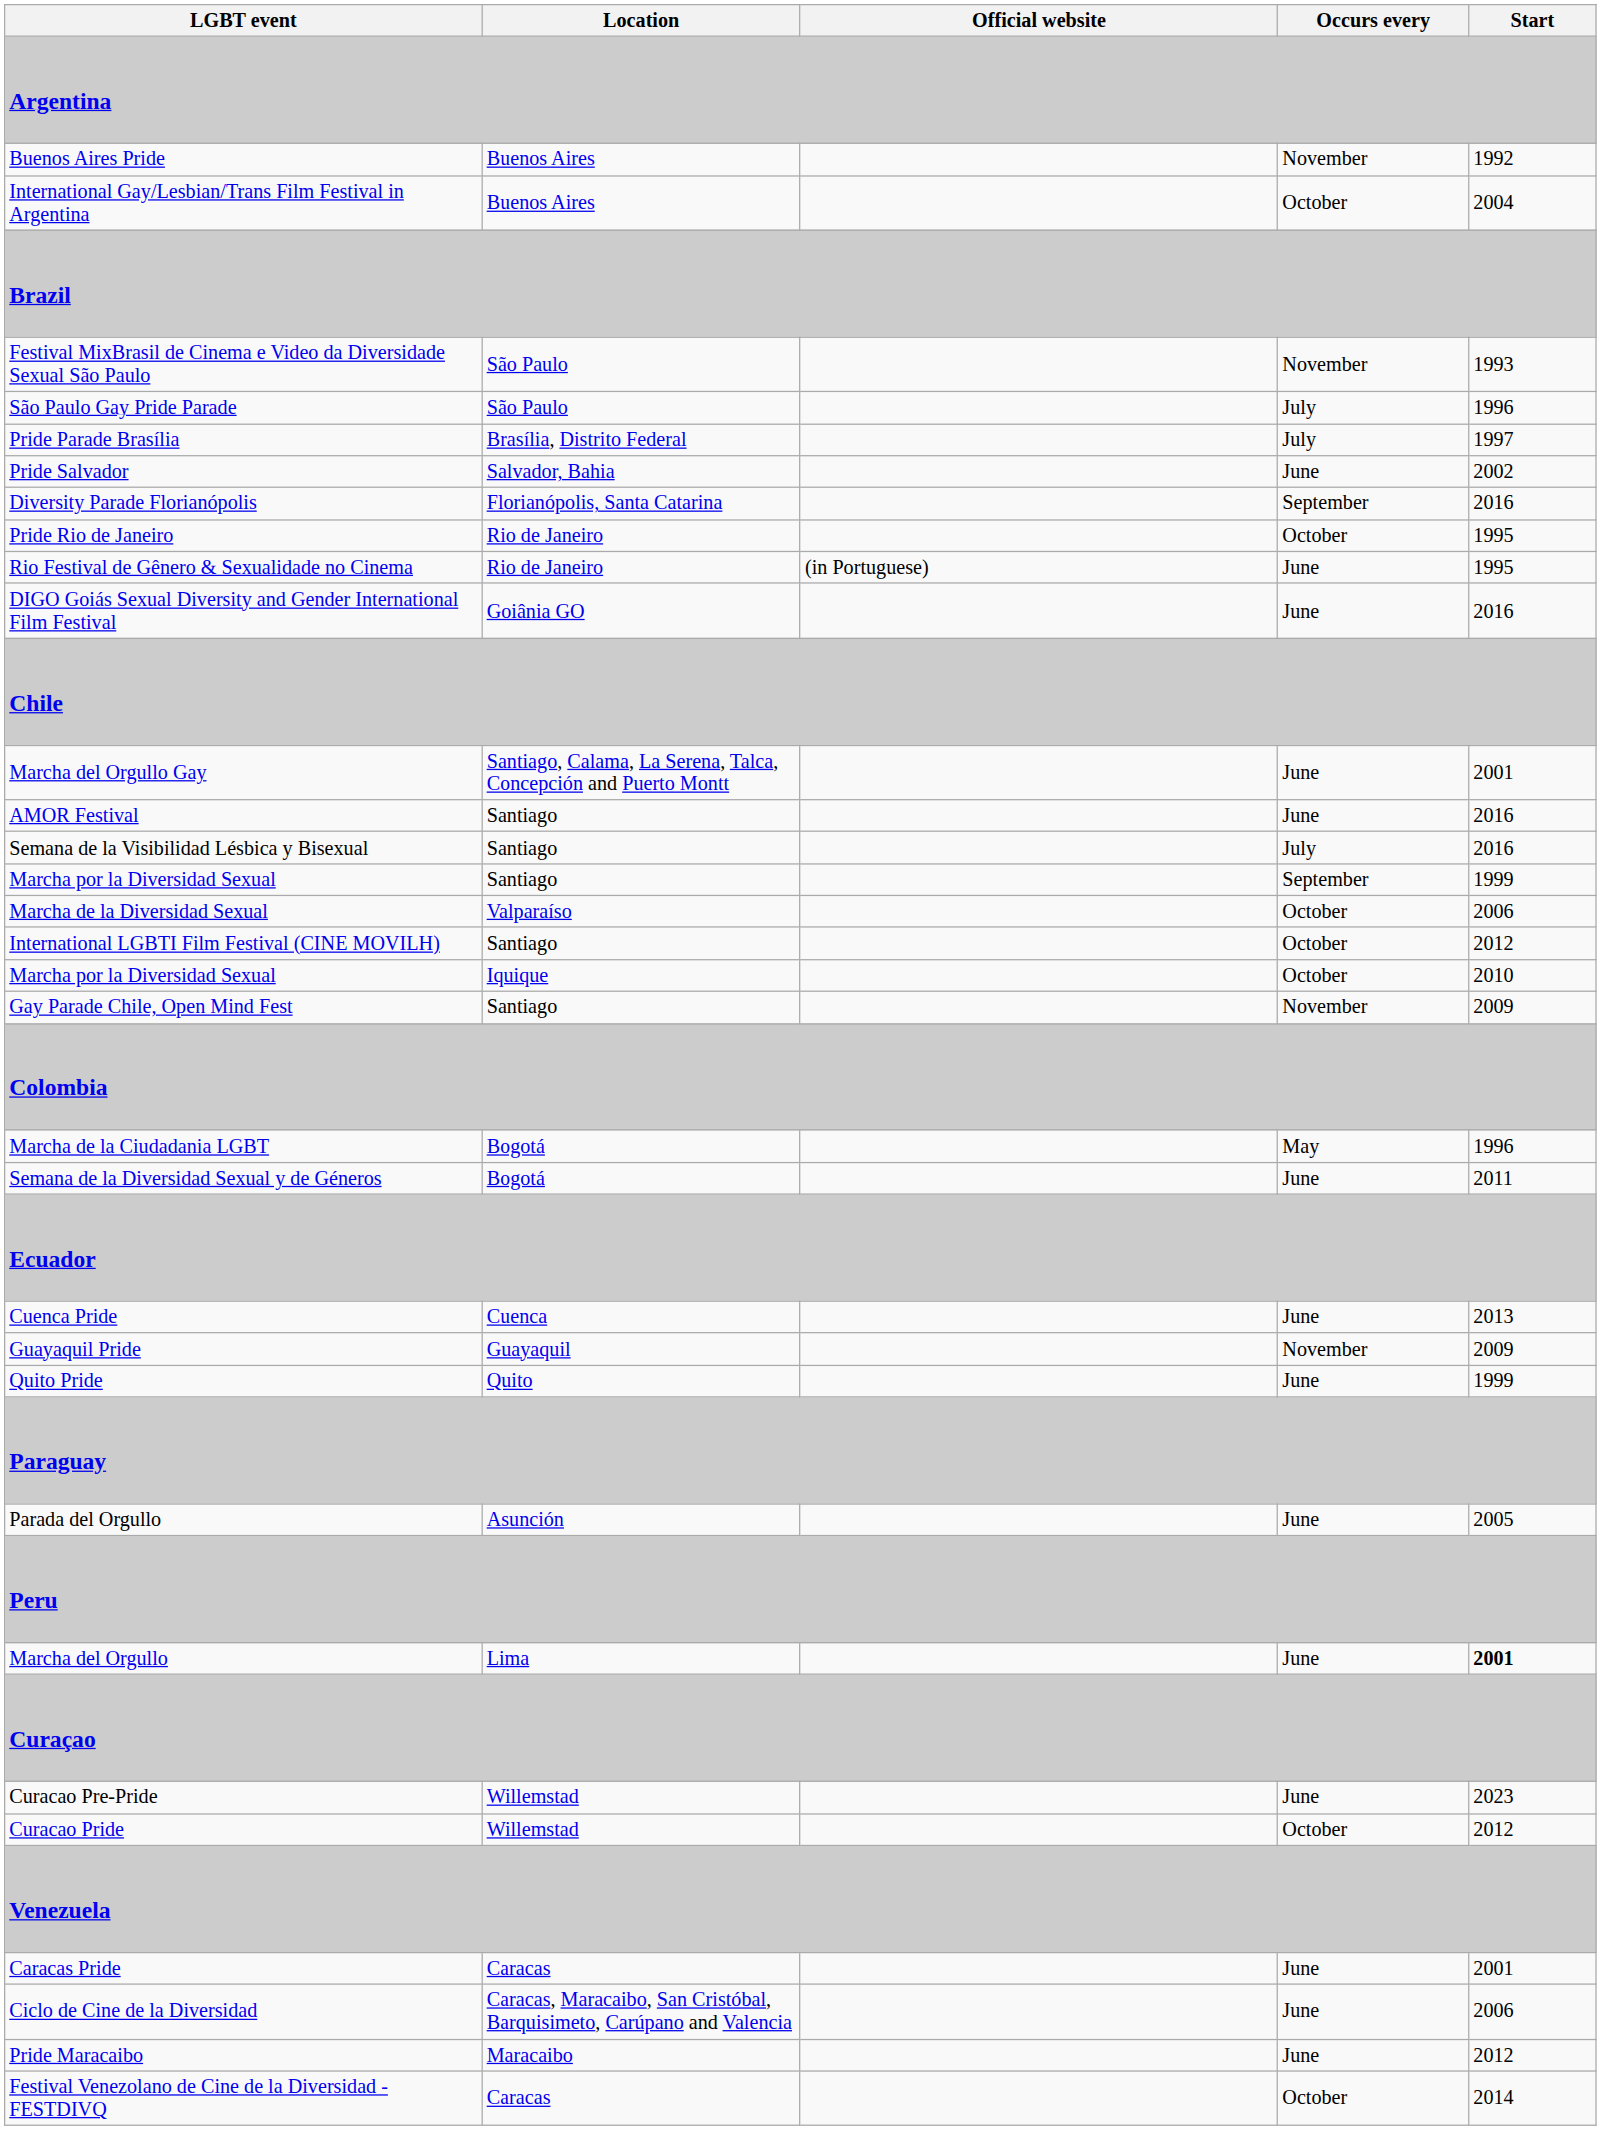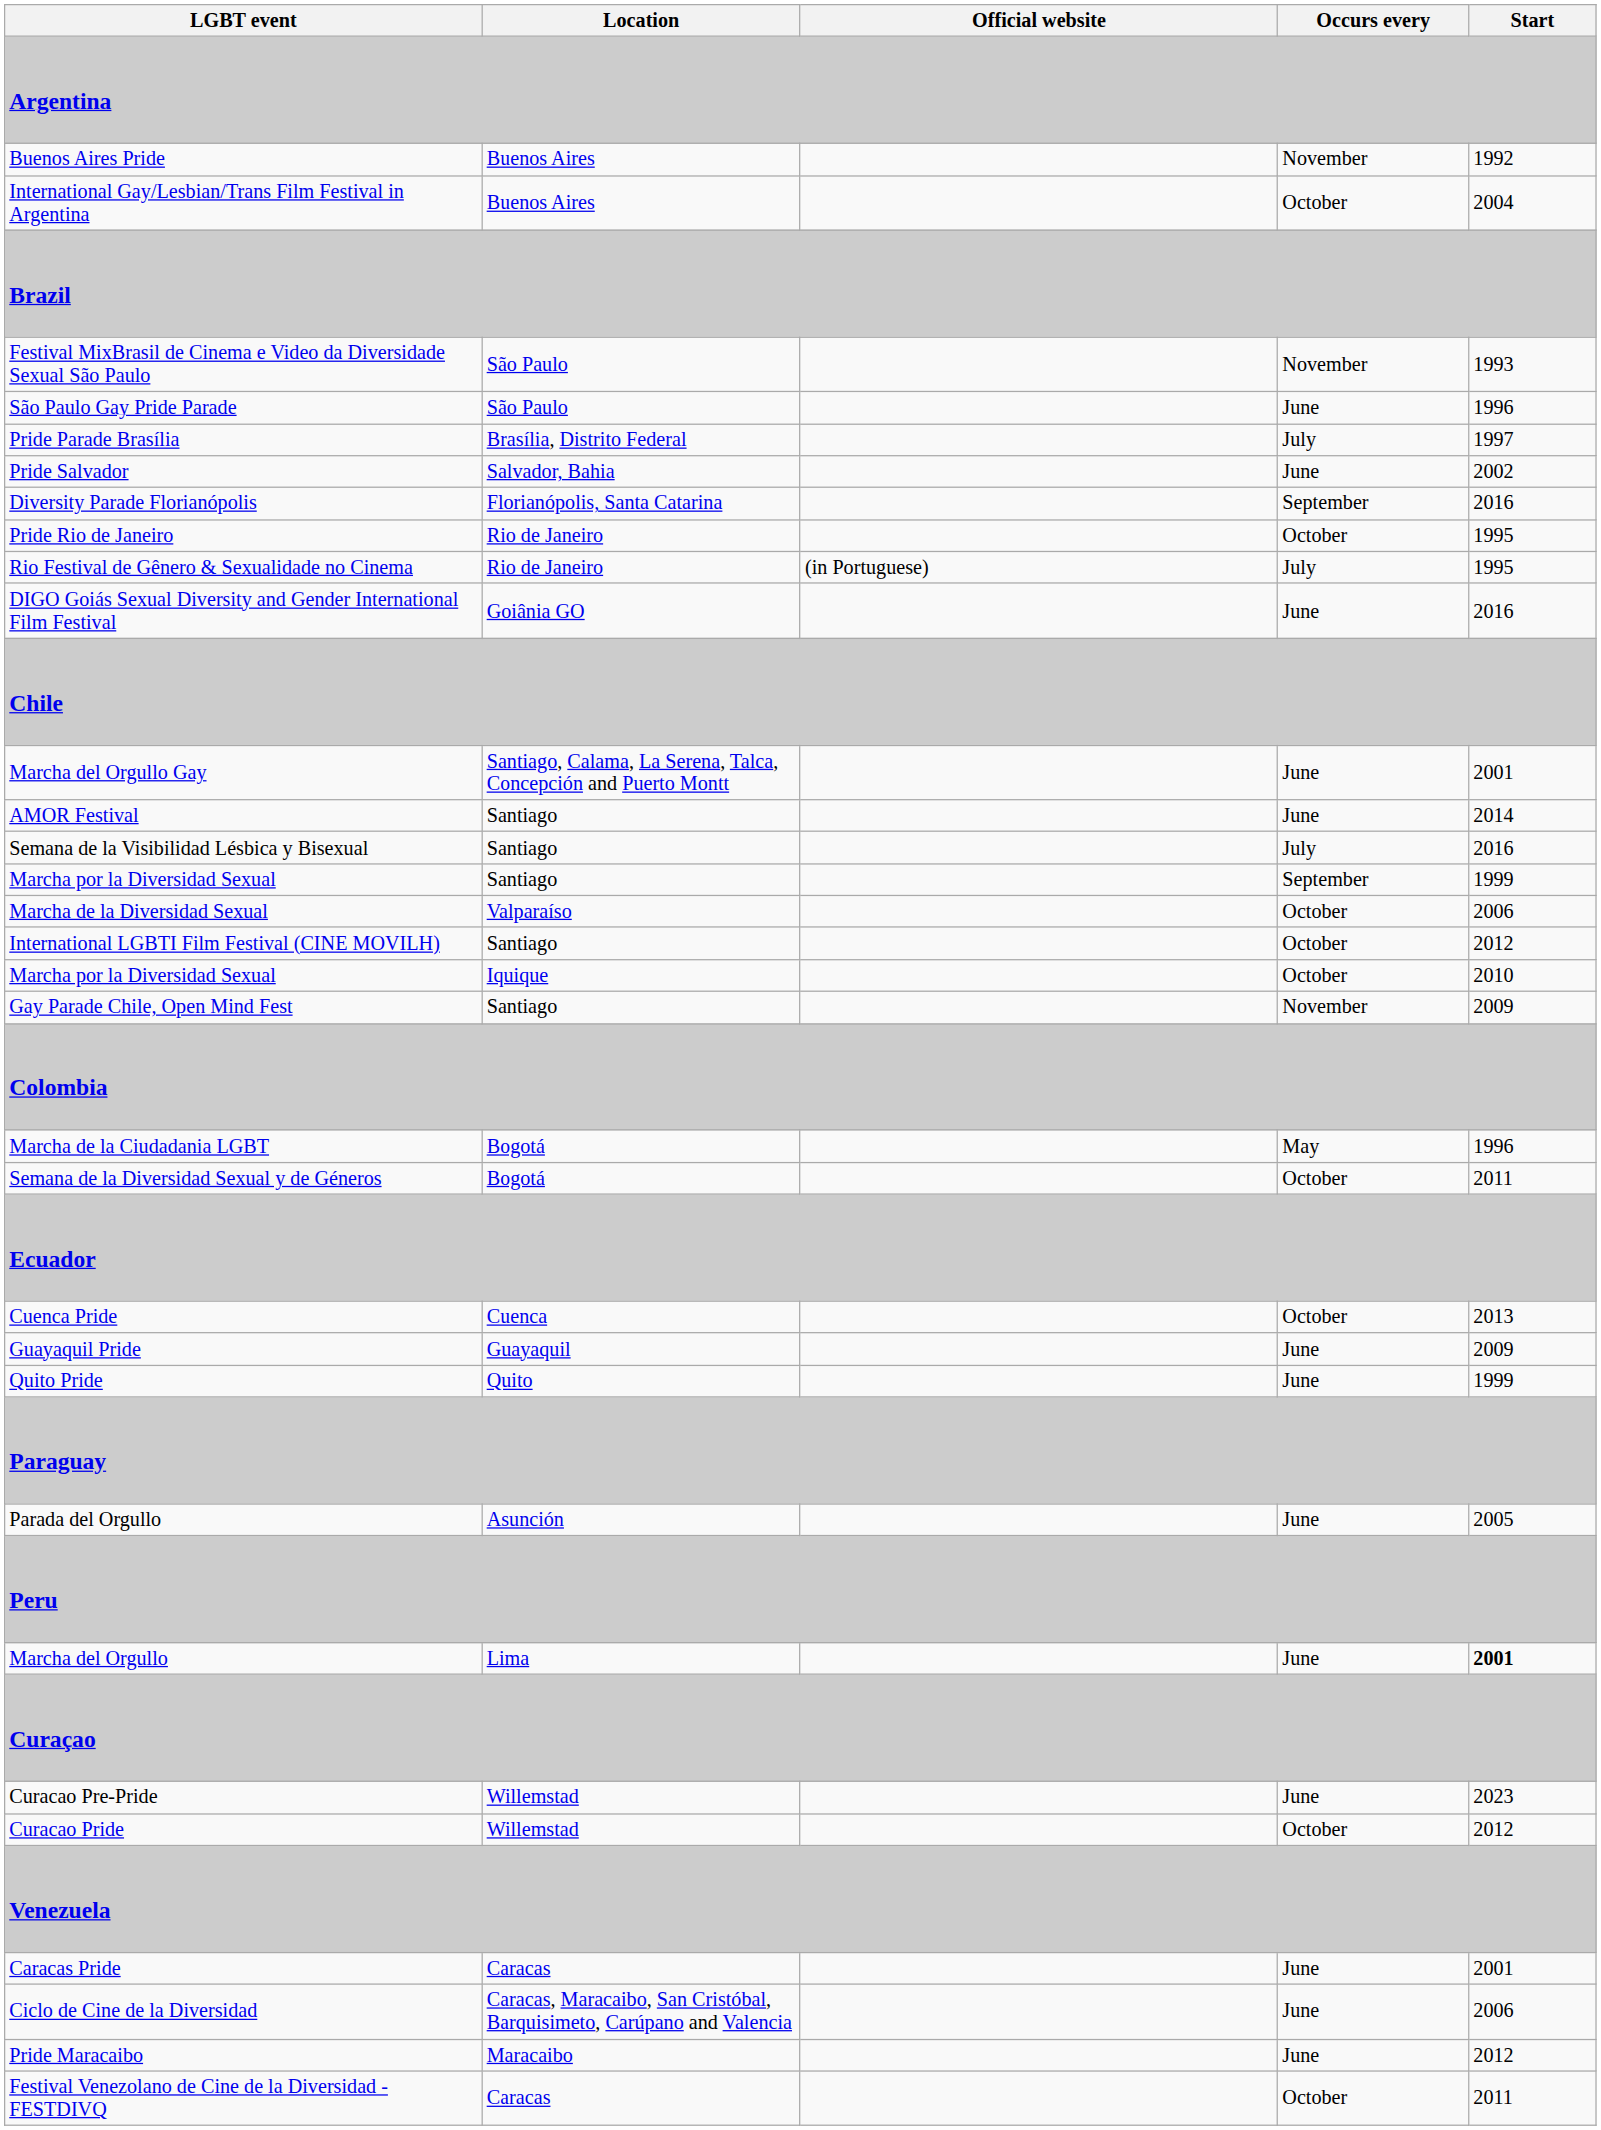 <table class="wikitable" style="width:100%;">
 <tr>
 <th style="width:30%;">LGBT event</th>
 <th style="width:20%;">Location</th>
 <th style="width:30%;">Official website</th>
 <th style="width:12%;">Occurs every</th>
 <th style="width:8%;">Start</th>
 </tr>
 <tr>
 <td style="background:#ccc;" colspan="6"><br><h3><a href='#'>Argentina</a></h3></td>
 </tr>
 <tr>
 <td><a href='#'>Buenos Aires Pride</a></td>
 <td><a href='#'>Buenos Aires</a></td>
 <td></td>
 <td>November</td>
 <td>1992</td>
 </tr>
 <tr>
 <td><a href='#'>International Gay/Lesbian/Trans Film Festival in Argentina</a></td>
 <td><a href='#'>Buenos Aires</a></td>
 <td></td>
 <td>October</td>
 <td>2004</td>
 </tr>
 <tr>
 <td style="background:#ccc;" colspan="6"><br><h3><a href='#'>Brazil</a></h3></td>
 </tr>
 <tr>
 <td><a href='#'>Festival MixBrasil de Cinema e Video da Diversidade Sexual São Paulo</a></td>
 <td><a href='#'>São Paulo</a></td>
 <td></td>
 <td>November</td>
 <td>1993</td>
 </tr>
 <tr>
 <td><a href='#'>São Paulo Gay Pride Parade</a></td>
 <td><a href='#'>São Paulo</a></td>
 <td></td>
-<td>July</td>
+<td>June</td>
 <td>1996</td>
 </tr>
 <tr>
 <td><a href='#'>Pride Parade Brasília</a></td>
 <td><a href='#'>Brasília</a>, <a href='#'>Distrito Federal</a></td>
 <td> </td>
 <td>July</td>
 <td>1997</td>
 </tr>
 <tr>
 <td><a href='#'>Pride Salvador</a></td>
 <td><a href='#'>Salvador, Bahia</a></td>
 <td></td>
 <td>June</td>
 <td>2002</td>
 </tr>
 <tr>
 <td><a href='#'>Diversity Parade Florianópolis</a></td>
 <td><a href='#'>Florianópolis, Santa Catarina</a></td>
 <td></td>
 <td>September</td>
 <td>2016</td>
 </tr>
 <tr>
 <td><a href='#'>Pride Rio de Janeiro</a></td>
 <td><a href='#'>Rio de Janeiro</a></td>
 <td> </td>
 <td>October</td>
 <td>1995</td>
 </tr>
 <tr>
 <td><a href='#'>Rio Festival de Gênero & Sexualidade no Cinema</a></td>
 <td><a href='#'>Rio de Janeiro</a></td>
 <td> (in Portuguese)</td>
-<td>June</td>
+<td>July</td>
 <td>1995</td>
 </tr>
 <tr>
 <td><a href='#'>DIGO Goiás Sexual Diversity and Gender International Film Festival</a></td>
 <td><a href='#'>Goiânia GO</a></td>
 <td></td>
 <td>June</td>
 <td>2016</td>
 </tr>
 <tr>
 <td style="background:#ccc;" colspan="7"><br><h3><a href='#'>Chile</a></h3></td>
 </tr>
 <tr>
 <td><a href='#'>Marcha del Orgullo Gay</a></td>
 <td><a href='#'>Santiago</a>, <a href='#'>Calama</a>, <a href='#'>La Serena</a>, <a href='#'>Talca</a>, <a href='#'>Concepción</a> and <a href='#'>Puerto Montt</a></td>
 <td></td>
 <td>June</td>
 <td>2001</td>
 </tr>
 <tr>
 <td><a href='#'>AMOR Festival</a></td>
 <td>Santiago</td>
 <td></td>
 <td>June</td>
-<td>2016</td>
+<td>2014</td>
 </tr>
 <tr>
 <td>Semana de la Visibilidad Lésbica y Bisexual</td>
 <td>Santiago</td>
 <td></td>
 <td>July</td>
 <td>2016</td>
 </tr>
 <tr>
 <td><a href='#'>Marcha por la Diversidad Sexual</a></td>
 <td>Santiago</td>
 <td></td>
 <td>September</td>
 <td>1999</td>
 </tr>
 <tr>
 <td><a href='#'>Marcha de la Diversidad Sexual</a></td>
 <td><a href='#'>Valparaíso</a></td>
 <td></td>
 <td>October</td>
 <td>2006</td>
 </tr>
 <tr>
 <td><a href='#'>International LGBTI Film Festival (CINE MOVILH)</a></td>
 <td>Santiago</td>
 <td></td>
 <td>October</td>
 <td>2012</td>
 </tr>
 <tr>
 <td><a href='#'>Marcha por la Diversidad Sexual</a></td>
 <td><a href='#'>Iquique</a></td>
 <td></td>
 <td>October</td>
 <td>2010</td>
 </tr>
 <tr>
 <td><a href='#'>Gay Parade Chile, Open Mind Fest</a></td>
 <td>Santiago</td>
 <td></td>
 <td>November</td>
 <td>2009</td>
 </tr>
 <tr>
 <td style="background:#ccc;" colspan="6"><br><h3><a href='#'>Colombia</a></h3></td>
 </tr>
 <tr>
 <td><a href='#'>Marcha de la Ciudadania LGBT</a></td>
 <td><a href='#'>Bogotá</a></td>
 <td></td>
 <td>May</td>
 <td>1996</td>
 </tr>
 <tr>
 <td><a href='#'>Semana de la Diversidad Sexual y de Géneros</a></td>
 <td><a href='#'>Bogotá</a></td>
 <td></td>
-<td>June</td>
+<td>October</td>
 <td>2011</td>
 </tr>
 <tr>
 <td style="background:#ccc;" colspan="6"><br><h3><a href='#'>Ecuador</a></h3></td>
 </tr>
 <tr>
 <td><a href='#'>Cuenca Pride</a></td>
 <td><a href='#'>Cuenca</a></td>
 <td></td>
-<td>June</td>
+<td>October</td>
 <td>2013</td>
 </tr>
 <tr>
 <td><a href='#'>Guayaquil Pride</a></td>
 <td><a href='#'>Guayaquil</a></td>
 <td></td>
-<td>November</td>
+<td>June</td>
 <td>2009</td>
 </tr>
 <tr>
 <td><a href='#'>Quito Pride</a></td>
 <td><a href='#'>Quito</a></td>
 <td></td>
 <td>June</td>
 <td>1999</td>
 </tr>
 <tr>
 <td style="background:#ccc;" colspan="6"><br><h3><a href='#'>Paraguay</a></h3></td>
 </tr>
 <tr>
 <td>Parada del Orgullo</td>
 <td><a href='#'>Asunción</a></td>
 <td></td>
 <td>June</td>
 <td>2005</td>
 </tr>
 <tr>
 <td colspan="6" style="background:#ccc;"><br><h3><a href='#'>Peru</a></h3></td>
 </tr>
 <tr>
 <td><a href='#'>Marcha del Orgullo</a></td>
 <td><a href='#'>Lima</a></td>
 <td></td>
 <td>June</td>
 <td><strong>2001</strong></td>
 </tr>
 <tr>
 <td colspan="6" style="background:#ccc;"><br><h3><a href='#'>Curaçao</a></h3></td>
 </tr>
 <tr>
 <td>Curacao Pre-Pride</td>
 <td><a href='#'>Willemstad</a></td>
 <td></td>
 <td>June</td>
 <td>2023</td>
 </tr>
 <tr>
 <td><a href='#'>Curacao Pride</a></td>
 <td><a href='#'>Willemstad</a></td>
 <td></td>
 <td>October</td>
 <td>2012</td>
 </tr>
 <tr>
 <td style="background:#ccc;" colspan="6"><br><h3><a href='#'>Venezuela</a></h3></td>
 </tr>
 <tr>
 <td><a href='#'>Caracas Pride</a></td>
 <td><a href='#'>Caracas</a></td>
 <td></td>
 <td>June</td>
 <td>2001</td>
 </tr>
 <tr>
 <td><a href='#'>Ciclo de Cine de la Diversidad</a></td>
 <td><a href='#'>Caracas</a>, <a href='#'>Maracaibo</a>, <a href='#'>San Cristóbal</a>, <a href='#'>Barquisimeto</a>, <a href='#'>Carúpano</a> and <a href='#'>Valencia</a></td>
 <td></td>
 <td>June</td>
 <td>2006</td>
 </tr>
 <tr>
 <td><a href='#'>Pride Maracaibo</a></td>
 <td><a href='#'>Maracaibo</a></td>
 <td></td>
 <td>June</td>
 <td>2012</td>
 </tr>
 <tr>
 <td><a href='#'>Festival Venezolano de Cine de la Diversidad - FESTDIVQ</a></td>
 <td><a href='#'>Caracas</a></td>
 <td></td>
 <td>October</td>
-<td>2014</td>
+<td>2011</td>
 </tr>
 </table>
